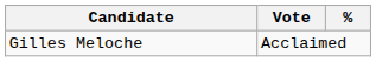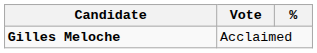 <table class="wikitable">
 <tr>
 <th bgcolor="#DDDDFF" width="200px">Candidate</th>
 <th bgcolor="#DDDDFF" width="50px">Vote</th>
 <th bgcolor="#DDDDFF" width="30px">%</th>
 </tr>
 <tr>
-<td>Gilles Meloche</td>
+<td><strong>Gilles Meloche</strong></td>
 <td colspan="2">Acclaimed</td>
 </tr>
 </table>
